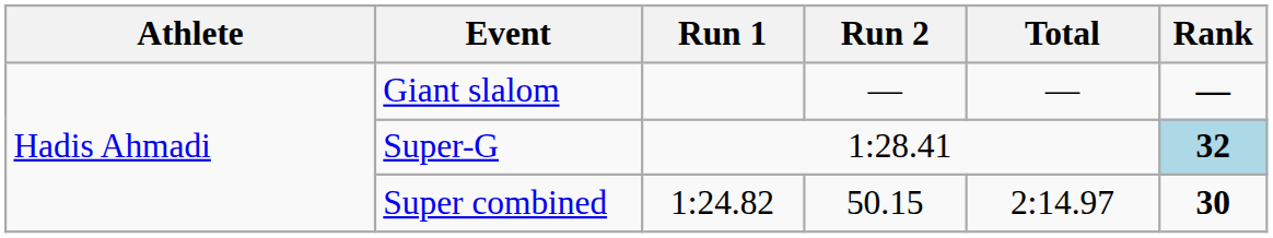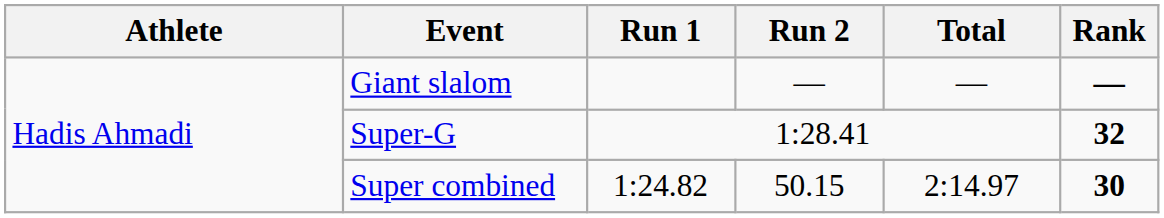 <table class="wikitable" width="60%" style="text-align:center; font-size:90%">
 <tr>
 <th width="25%">Athlete</th>
 <th width="18%">Event</th>
 <th width="11%">Run 1</th>
 <th width="11%">Run 2</th>
 <th width="13%">Total</th>
 <th width="6%">Rank</th>
 </tr>
 <tr>
 <td rowspan=3 align="left"><a href='#'>Hadis Ahmadi</a></td>
 <td align="left"><a href='#'>Giant slalom</a></td>
 <td></td>
 <td>—</td>
 <td>—</td>
 <td><strong>—</strong></td>
 </tr>
 <tr>
 <td align="left"><a href='#'>Super-G</a></td>
 <td colspan=3>1:28.41</td>
-<td style="background: lightblue;"><strong>32</strong></td>
+<td><strong>32</strong></td>
 </tr>
 <tr>
 <td align="left"><a href='#'>Super combined</a></td>
 <td>1:24.82</td>
 <td>50.15</td>
 <td>2:14.97</td>
 <td><strong>30</strong></td>
 </tr>
 </table>
